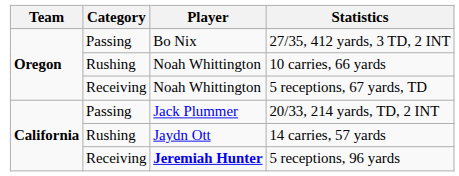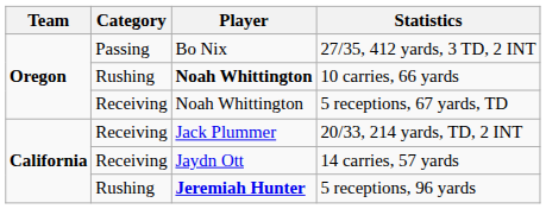 <table class="wikitable" style="float: right;">
 <tr>
 <th>Team</th>
 <th>Category</th>
 <th>Player</th>
 <th>Statistics</th>
 </tr>
 <tr>
 <td rowspan=3><strong>Oregon</strong></td>
 <td>Passing</td>
 <td>Bo Nix</td>
 <td>27/35, 412 yards, 3 TD, 2 INT</td>
 </tr>
 <tr>
 <td>Rushing</td>
-<td>Noah Whittington</td>
+<td><strong>Noah Whittington</strong></td>
 <td>10 carries, 66 yards</td>
 </tr>
 <tr>
 <td>Receiving</td>
 <td>Noah Whittington</td>
 <td>5 receptions, 67 yards, TD</td>
 </tr>
 <tr>
 <td rowspan=3><strong>California</strong></td>
-<td>Passing</td>
+<td>Receiving</td>
 <td><a href='#'>Jack Plummer</a></td>
 <td>20/33, 214 yards, TD, 2 INT</td>
 </tr>
 <tr>
-<td>Rushing</td>
+<td>Receiving</td>
 <td><a href='#'>Jaydn Ott</a></td>
 <td>14 carries, 57 yards</td>
 </tr>
 <tr>
-<td>Receiving</td>
+<td>Rushing</td>
 <td><strong><a href='#'>Jeremiah Hunter</a></strong></td>
 <td>5 receptions, 96 yards</td>
 </tr>
 </table>
